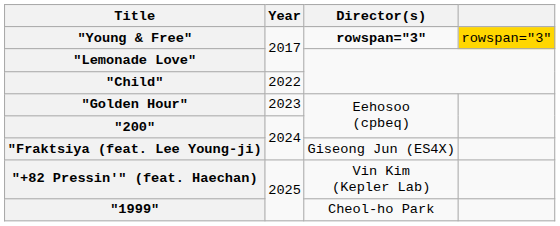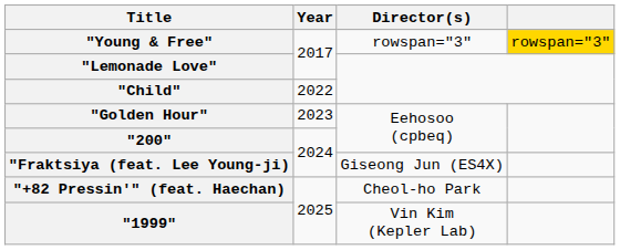 <table class="wikitable plainrowheaders" style="text-align:center;">
 <tr>
 <th>Title</th>
 <th>Year</th>
 <th>Director(s)</th>
 <th></th>
 </tr>
 <tr>
 <th scope="row">"Young & Free" </th>
 <td rowspan="2">2017</td>
-<td><strong>rowspan="3" </strong></td>
+<td>rowspan="3" </td>
 <td style="background: gold;">rowspan="3" </td>
 </tr>
 <tr>
 <th scope="row">"Lemonade Love" </th>
 </tr>
 <tr>
 <th scope="row">"Child"</th>
 <td>2022</td>
 </tr>
 <tr>
 <th scope="row">"Golden Hour"</th>
 <td>2023</td>
 <td rowspan="2">Eehosoo<br>(cpbeq)</td>
 <td rowspan="2"></td>
 </tr>
 <tr>
 <th scope="row">"200"</th>
 <td rowspan="2">2024</td>
 </tr>
 <tr>
 <th scope="row">"Fraktsiya (feat. Lee Young-ji)</th>
 <td>Giseong Jun (ES4X)</td>
 <td></td>
 </tr>
 <tr>
 <th scope="row">"+82 Pressin'" (feat. Haechan)</th>
 <td rowspan="2">2025</td>
-<td>Vin Kim<br>(Kepler Lab)</td>
+<td>Cheol-ho Park</td>
 <td></td>
 </tr>
 <tr>
 <th scope="row">"1999"</th>
-<td>Cheol-ho Park</td>
+<td>Vin Kim<br>(Kepler Lab)</td>
 <td></td>
 </tr>
 </table>
